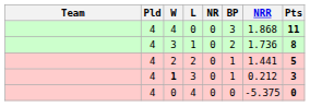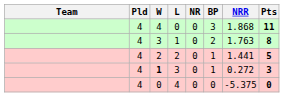 <table class="wikitable" style="text-align:center">
 <tr>
 <th width=175>Team</th>
 <th width=20 abbr="Played">Pld</th>
 <th width=20 abbr="Won">W</th>
 <th width=20 abbr="Lost">L</th>
 <th width=20 abbr="No result">NR</th>
 <th width=20 abbr="Bonus points">BP</th>
 <th width=20 abbr="Net run rate"><a href='#'>NRR</a></th>
 <th width=20 abbr="Points">Pts</th>
 </tr>
 <tr bgcolor="#ccffcc">
 <td align="left"></td>
 <td>4</td>
 <td>4</td>
 <td>0</td>
 <td>0</td>
 <td>3</td>
 <td>1.868</td>
 <td><strong>11</strong></td>
 </tr>
 <tr bgcolor="#ccffcc">
 <td align="left"></td>
 <td>4</td>
 <td>3</td>
 <td>1</td>
 <td>0</td>
 <td>2</td>
-<td>1.736</td>
+<td>1.763</td>
 <td><strong>8</strong></td>
 </tr>
 <tr bgcolor="#ffcccc">
 <td align="left"></td>
 <td>4</td>
 <td>2</td>
 <td>2</td>
 <td>0</td>
 <td>1</td>
 <td>1.441</td>
 <td><strong>5</strong></td>
 </tr>
 <tr bgcolor="#ffcccc">
 <td align="left"></td>
 <td>4</td>
 <td><strong>1</strong></td>
 <td>3</td>
 <td>0</td>
 <td>1</td>
-<td>0.212</td>
+<td>0.272</td>
 <td><strong>3</strong></td>
 </tr>
 <tr bgcolor="#ffcccc">
 <td align="left"></td>
 <td>4</td>
 <td>0</td>
 <td>4</td>
 <td>0</td>
 <td>0</td>
 <td>-5.375</td>
 <td><strong>0</strong></td>
 </tr>
 </table>
